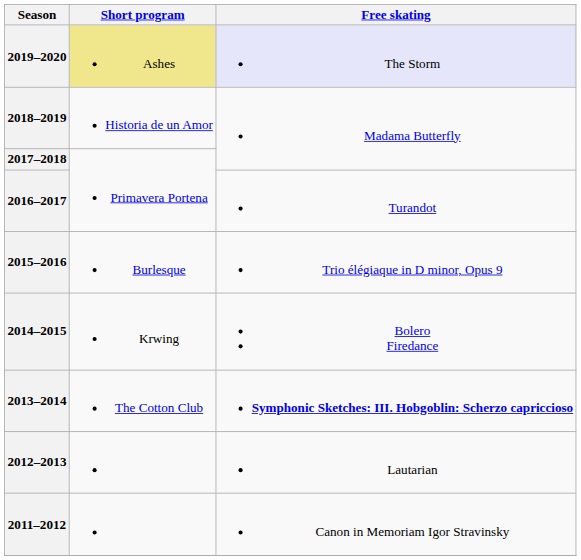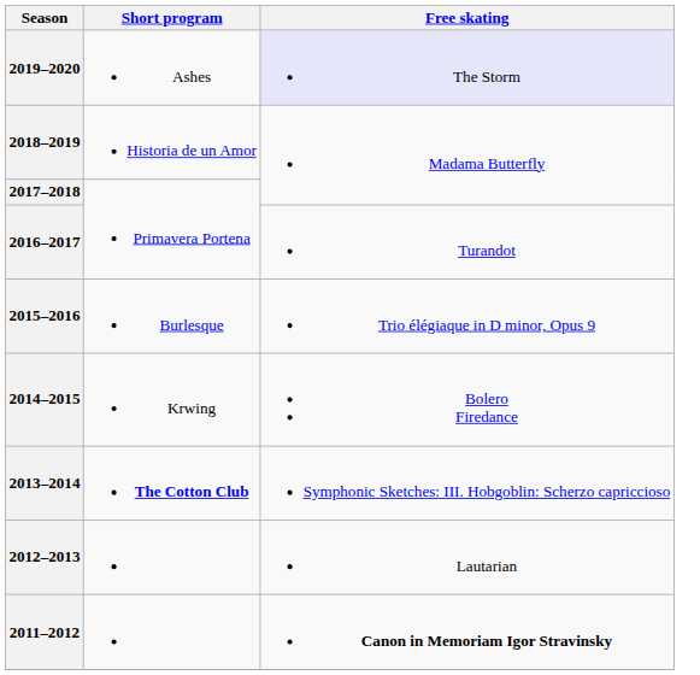 <table class="wikitable" style="text-align:center">
 <tr>
 <th>Season</th>
 <th><a href='#'>Short program</a></th>
 <th><a href='#'>Free skating</a></th>
 </tr>
 <tr>
 <th>2019–2020</th>
-<td style="background: khaki;"><br><ul><li>Ashes <br></li></ul></td>
+<td><br><ul><li>Ashes <br></li></ul></td>
 <td style="background: lavender;"><br><ul><li>The Storm <br></li></ul></td>
 </tr>
 <tr>
 <th>2018–2019</th>
 <td><br><ul><li><a href='#'>Historia de un Amor</a> </li></ul></td>
 <td rowspan=2><br><ul><li><a href='#'>Madama Butterfly</a> <br></li></ul></td>
 </tr>
 <tr>
 <th>2017–2018 <br></th>
 <td rowspan=2><br><ul><li><a href='#'>Primavera Portena</a> <br></li></ul></td>
 </tr>
 <tr>
 <th>2016–2017 <br></th>
 <td><br><ul><li><a href='#'>Turandot</a> <br></li></ul></td>
 </tr>
 <tr>
 <th>2015–2016</th>
 <td><br><ul><li><a href='#'>Burlesque</a> <br></li></ul></td>
 <td><br><ul><li><a href='#'>Trio élégiaque in D minor, Opus 9</a> <br></li></ul></td>
 </tr>
 <tr>
 <th>2014–2015</th>
 <td><br><ul><li>Krwing <br></li></ul></td>
 <td><br><ul><li><a href='#'>Bolero</a> <br></li><li><a href='#'>Firedance</a> <br></li></ul></td>
 </tr>
 <tr>
 <th>2013–2014</th>
-<td><br><ul><li><a href='#'>The Cotton Club</a> <br></li></ul></td>
-<td><strong><br><ul><li><a href='#'>Symphonic Sketches: III. Hobgoblin: Scherzo capriccioso</a> <br></li></ul></strong></td>
+<td><strong><br><ul><li><a href='#'>The Cotton Club</a> <br></li></ul></strong></td>
+<td><br><ul><li><a href='#'>Symphonic Sketches: III. Hobgoblin: Scherzo capriccioso</a> <br></li></ul></td>
 </tr>
 <tr>
 <th>2012–2013</th>
 <td><br><ul><li></li></ul></td>
 <td><br><ul><li>Lautarian <br></li></ul></td>
 </tr>
 <tr>
 <th>2011–2012</th>
 <td><br><ul><li></li></ul></td>
-<td><br><ul><li>Canon in Memoriam Igor Stravinsky <br></li></ul></td>
+<td><strong><br><ul><li>Canon in Memoriam Igor Stravinsky <br></li></ul></strong></td>
 </tr>
 <tr>
 </tr>
 </table>
